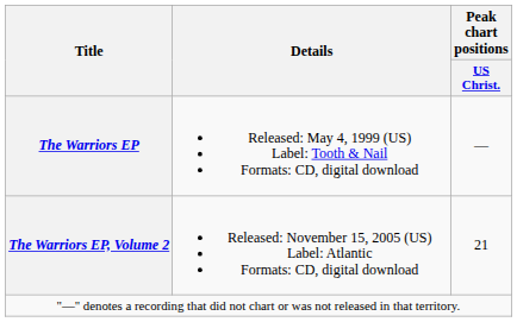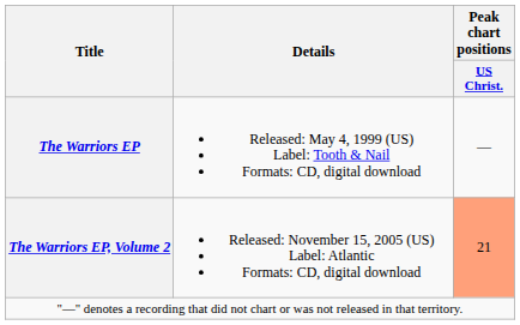 <table class="wikitable plainrowheaders" style="text-align:center;">
 <tr>
 <th scope="col" rowspan="2">Title</th>
 <th scope="col" rowspan="2" style="width:19em;">Details</th>
 <th scope="col" colspan="1">Peak chart positions</th>
 </tr>
 <tr>
 <th scope="col" style="width:3em;font-size:90%;"><a href='#'>US<br>Christ.</a><br></th>
 </tr>
 <tr>
 <th scope="row"><em><a href='#'>The Warriors EP</a></em></th>
 <td><br><ul><li>Released: May 4, 1999 <span>(US)</span></li><li>Label: <a href='#'>Tooth & Nail</a></li><li>Formats: CD, digital download</li></ul></td>
 <td>—</td>
 </tr>
 <tr>
 <th scope="row"><em><a href='#'>The Warriors EP, Volume 2</a></em></th>
 <td><br><ul><li>Released: November 15, 2005 <span>(US)</span></li><li>Label: Atlantic</li><li>Formats: CD, digital download</li></ul></td>
-<td>21</td>
+<td style="background: lightsalmon;">21</td>
 </tr>
 <tr>
 <td colspan="4" style="font-size:90%">"—" denotes a recording that did not chart or was not released in that territory.</td>
 </tr>
 </table>
